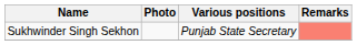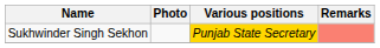 <table class="wikitable sortable" style="text-align:center">
 <tr>
 <th Style="background-color:">Name</th>
 <th Style="background-color:">Photo</th>
 <th Style="background-color:">Various positions</th>
 <th Style="background-color:">Remarks</th>
 </tr>
 <tr>
 <td>Sukhwinder Singh Sekhon</td>
 <td></td>
-<td><em>Punjab State Secretary</em></td>
+<td style="background: gold;"><em>Punjab State Secretary</em></td>
 <td bgcolor = Salmon></td>
 </tr>
 <tr>
 </tr>
 </table>
